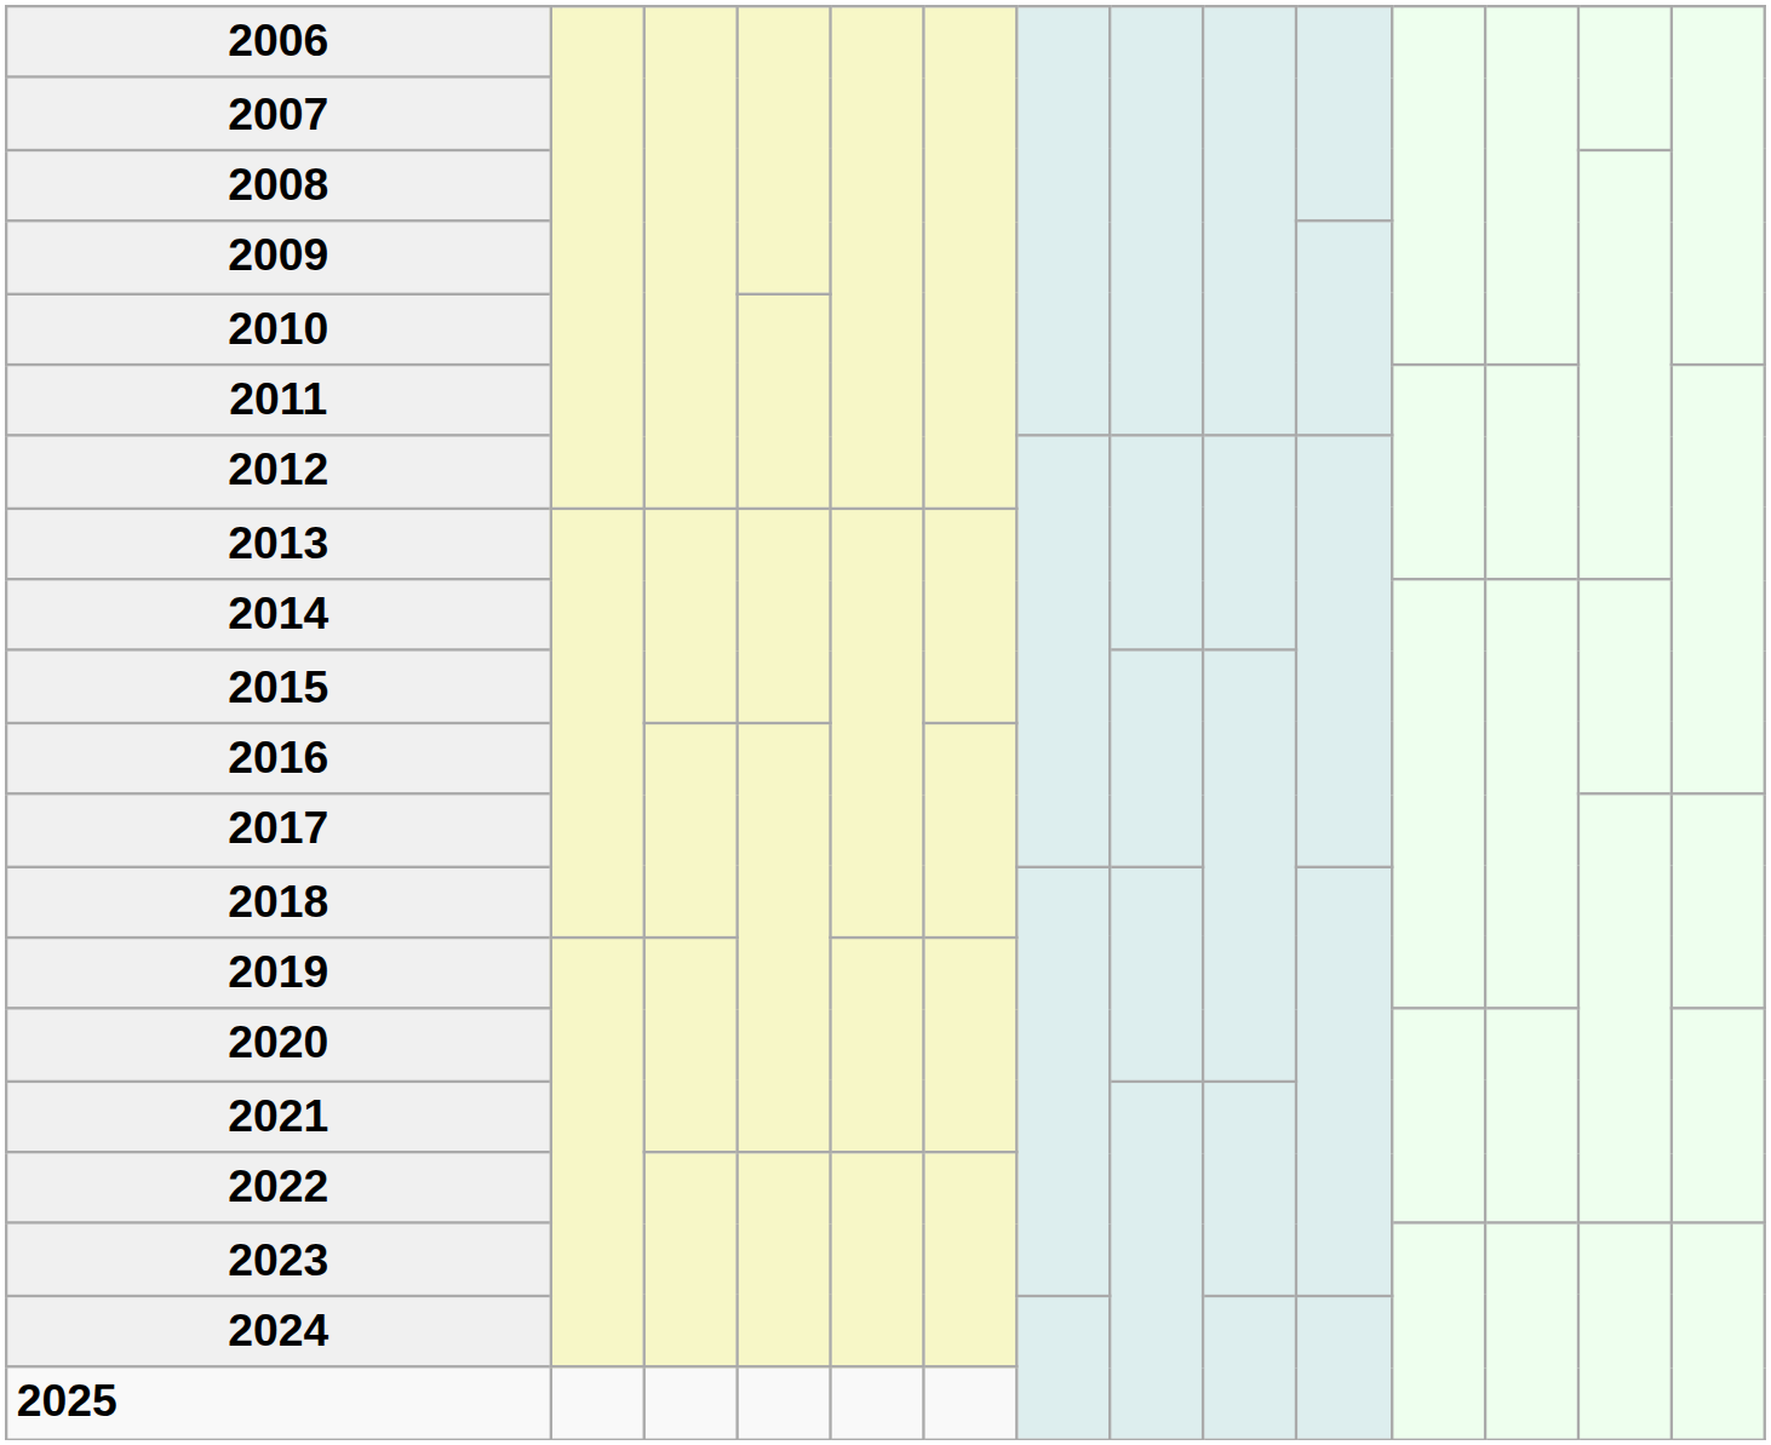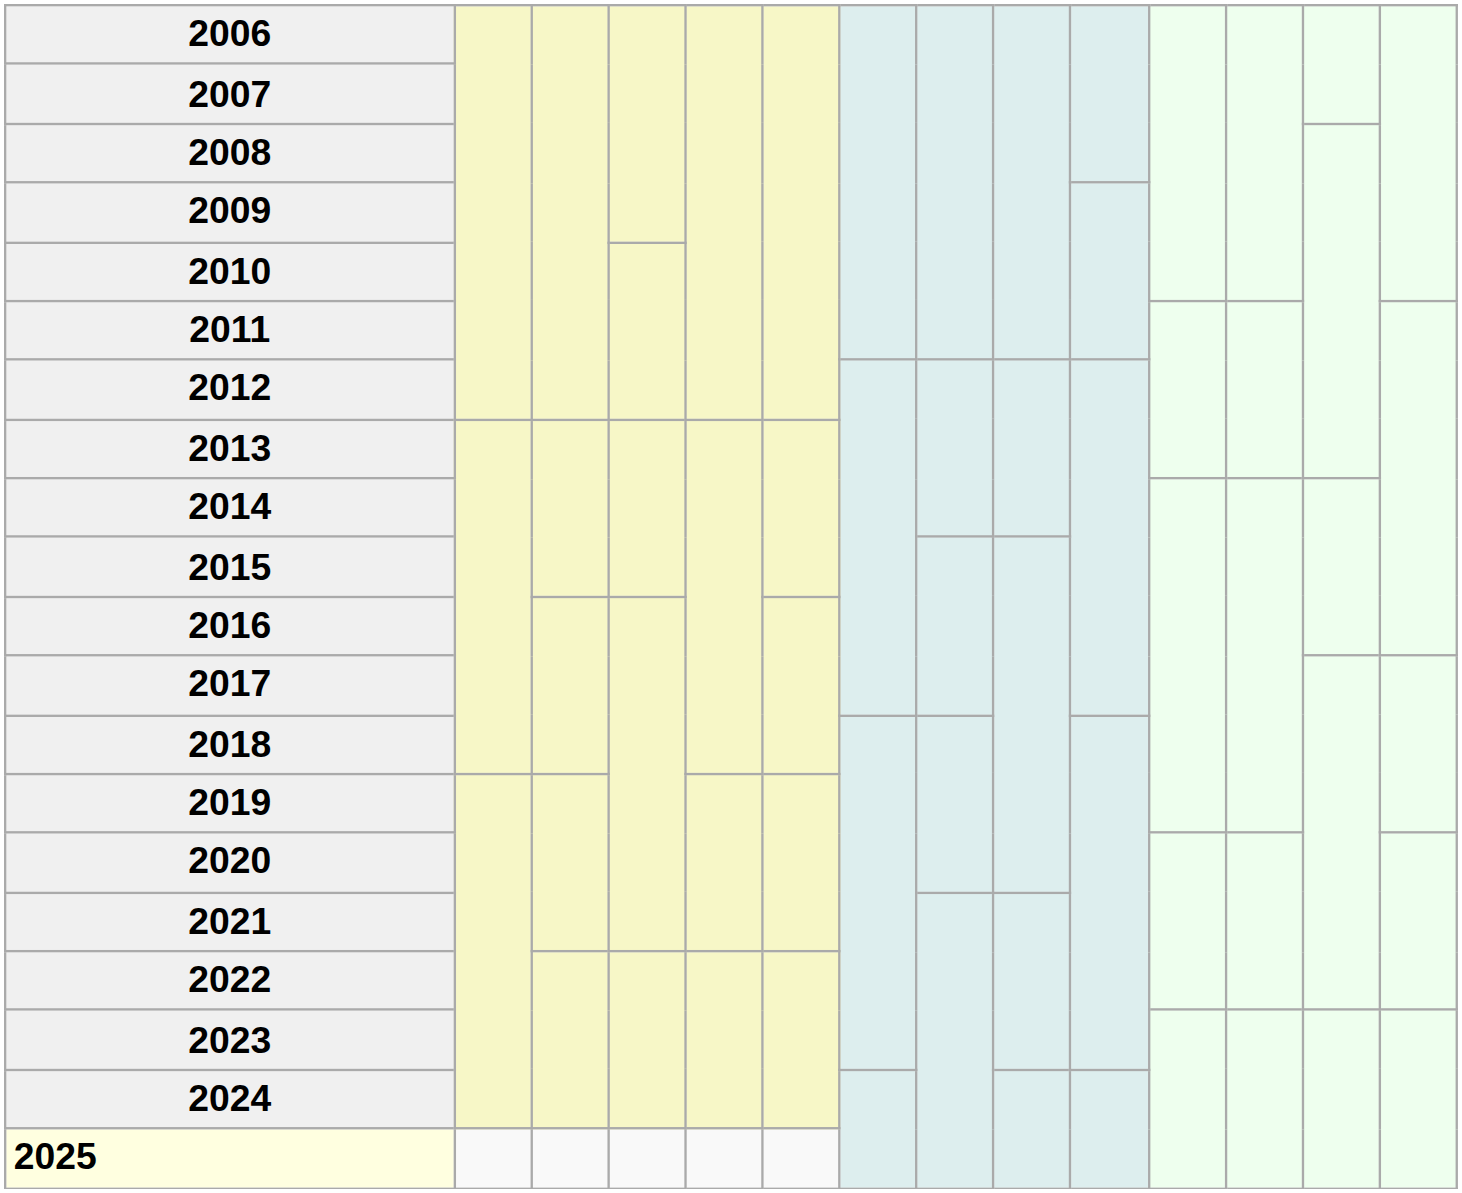 <table class="wikitable" width="100%" border="1" cellpadding="5" cellspacing="0">
 <tr align="center">
 <td style="background: #f0f0f0"><strong>2006</strong></td>
 <td style='background: #f7f7c7; ' valign="middle" rowspan=7></td>
 <td style='background: #f7f7c7; ' valign="middle" rowspan=7></td>
 <td style='background: #f7f7c7; ' valign="middle" rowspan=4></td>
 <td style='background: #f7f7c7; ' valign="middle" rowspan=7></td>
 <td style='background: #f7f7c7; ' valign="middle" rowspan=7></td>
 <td style='background: #ddeeee; ' valign="middle" rowspan=6></td>
 <td style='background: #ddeeee; ' valign="middle" rowspan=6></td>
 <td style='background: #ddeeee; ' valign="middle" rowspan=6></td>
 <td style='background: #ddeeee; ' valign="middle" rowspan=3></td>
 <td style='background: #eeffee; ' valign="middle" rowspan=5></td>
 <td style='background: #eeffee; ' valign="middle" rowspan=5></td>
 <td style='background: #eeffee; ' valign="middle" rowspan=2></td>
 <td style='background: #eeffee; ' valign="middle" rowspan=5></td>
 </tr>
 <tr align="center">
 <td style="background: #f0f0f0"><strong>2007</strong></td>
 </tr>
 <tr align="center">
 <td style="background: #f0f0f0"><strong>2008</strong></td>
 <td style='background: #eeffee; ' valign="middle" rowspan=6></td>
 </tr>
 <tr align="center">
 <td style="background: #f0f0f0"><strong>2009</strong></td>
 <td style='background: #ddeeee; ' valign="middle" rowspan=3></td>
 </tr>
 <tr align="center">
 <td style="background: #f0f0f0"><strong>2010</strong></td>
 <td style='background: #f7f7c7; ' valign="middle" rowspan=3></td>
 </tr>
 <tr align="center">
 <td style="background: #f0f0f0"><strong>2011</strong></td>
 <td style='background: #eeffee; ' valign="middle" rowspan=3></td>
 <td style='background: #eeffee; ' valign="middle" rowspan=3></td>
 <td style='background: #eeffee; ' valign="middle" rowspan=6></td>
 </tr>
 <tr align="center">
 <td style="background: #f0f0f0"><strong>2012</strong></td>
 <td style='background: #ddeeee; ' valign="middle" rowspan=6></td>
 <td style='background: #ddeeee; ' valign="middle" rowspan=3></td>
 <td style='background: #ddeeee; ' valign="middle" rowspan=3></td>
 <td style='background: #ddeeee; ' valign="middle" rowspan=6></td>
 </tr>
 <tr align="center">
 <td style="background: #f0f0f0"><strong>2013</strong></td>
 <td style='background: #f7f7c7; ' valign="middle" rowspan=6></td>
 <td style='background: #f7f7c7; ' valign="middle" rowspan=3></td>
 <td style='background: #f7f7c7; ' valign="middle" rowspan=3></td>
 <td style='background: #f7f7c7; ' valign="middle" rowspan=6></td>
 <td style='background: #f7f7c7; ' valign="middle" rowspan=3></td>
 </tr>
 <tr align="center">
 <td style="background: #f0f0f0"><strong>2014</strong></td>
 <td style='background: #eeffee; ' valign="middle" rowspan=6></td>
 <td style='background: #eeffee; ' valign="middle" rowspan=6></td>
 <td style='background: #eeffee; ' valign="middle" rowspan=3></td>
 </tr>
 <tr align="center">
 <td style="background: #f0f0f0"><strong>2015</strong></td>
 <td style='background: #ddeeee; ' valign="middle" rowspan=3></td>
 <td style='background: #ddeeee; ' valign="middle" rowspan=6></td>
 </tr>
 <tr align="center">
 <td style="background: #f0f0f0"><strong>2016</strong></td>
 <td style='background: #f7f7c7; ' valign="middle" rowspan=3></td>
 <td style='background: #f7f7c7; ' valign="middle" rowspan=6></td>
 <td style='background: #f7f7c7; ' valign="middle" rowspan=3></td>
 </tr>
 <tr align="center">
 <td style="background: #f0f0f0"><strong>2017</strong></td>
 <td style='background: #eeffee; ' valign="middle" rowspan=6></td>
 <td style='background: #eeffee; ' valign="middle" rowspan=3></td>
 </tr>
 <tr align="center">
 <td style="background: #f0f0f0"><strong>2018</strong></td>
 <td style='background: #ddeeee; ' valign="middle" rowspan=6></td>
 <td style='background: #ddeeee; ' valign="middle" rowspan=3></td>
 <td style='background: #ddeeee; ' valign="middle" rowspan=6></td>
 </tr>
 <tr align="center">
 <td style="background: #f0f0f0"><strong>2019</strong></td>
 <td style='background: #f7f7c7; ' valign="middle" rowspan=6></td>
 <td style='background: #f7f7c7; ' valign="middle" rowspan=3></td>
 <td style='background: #f7f7c7; ' valign="middle" rowspan=3></td>
 <td style='background: #f7f7c7; ' valign="middle" rowspan=3></td>
 </tr>
 <tr align="center">
 <td style="background: #f0f0f0"><strong>2020</strong></td>
 <td style='background: #eeffee; ' valign="middle" rowspan=3></td>
 <td style='background: #eeffee; ' valign="middle" rowspan=3></td>
 <td style='background: #eeffee; ' valign="middle" rowspan=3></td>
 </tr>
 <tr align="center">
 <td style="background: #f0f0f0"><strong>2021</strong></td>
 <td rowspan="5" style="background: #ddeeee; " valign="middle"></td>
 <td style='background: #ddeeee; ' valign="middle" rowspan=3></td>
 </tr>
 <tr align="center">
 <td style="background: #f0f0f0"><strong>2022</strong></td>
 <td style='background: #f7f7c7; ' valign="middle" rowspan=3></td>
 <td style='background: #f7f7c7; ' valign="middle" rowspan=3></td>
 <td style='background: #f7f7c7; ' valign="middle" rowspan=3></td>
 <td style='background: #f7f7c7; ' valign="middle" rowspan=3></td>
 </tr>
 <tr align="center">
 <td style="background: #f0f0f0"><strong>2023</strong></td>
 <td rowspan="3" style="background: #eeffee; " valign="middle"></td>
 <td rowspan="3" style="background: #eeffee; " valign="middle"></td>
 <td rowspan="3" style="background: #eeffee; " valign="middle"></td>
 <td rowspan="3" style="background: #eeffee; " valign="middle"></td>
 </tr>
 <tr align="center">
 <td style="background: #f0f0f0"><strong>2024</strong></td>
 <td rowspan="2" style="background: #ddeeee; " valign="middle"></td>
 <td rowspan="2" style="background: #ddeeee; " valign="middle"></td>
 <td rowspan="2" style="background: #ddeeee; " valign="middle"></td>
 </tr>
 <tr>
-<td><strong>2025</strong></td>
+<td style="background: lightyellow;"><strong>2025</strong></td>
 <td></td>
 <td></td>
 <td></td>
 <td></td>
 <td></td>
 </tr>
 </table>
